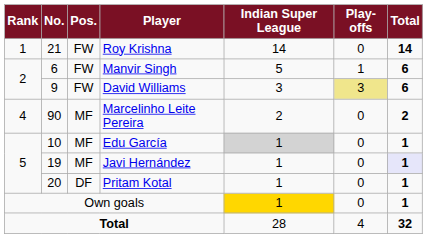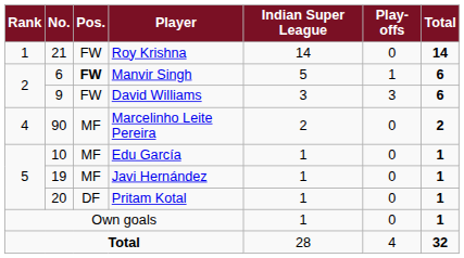 <table class="wikitable sortable" style="text-align:center;width:85%;">
 <tr>
 <th style=background-color:#7A1024;color:white>Rank</th>
 <th style=background-color:#7A1024;color:white>No.</th>
 <th style=background-color:#7A1024;color:white>Pos.</th>
 <th style=background-color:#7A1024;color:white>Player</th>
 <th style=background-color:#7A1024;color:white>Indian Super League</th>
 <th style=background-color:#7A1024;color:white>Play-offs</th>
 <th style=background-color:#7A1024;color:white>Total</th>
 </tr>
 <tr>
 <td rowspan="1">1</td>
 <td>21</td>
 <td>FW</td>
 <td align=left> <a href='#'>Roy Krishna</a></td>
 <td>14</td>
 <td>0</td>
 <td><strong>14</strong></td>
 </tr>
 <tr>
 <td rowspan="2">2</td>
 <td>6</td>
-<td>FW</td>
+<td><strong>FW</strong></td>
 <td align=left> <a href='#'>Manvir Singh</a></td>
 <td>5</td>
 <td>1</td>
 <td><strong>6</strong></td>
 </tr>
 <tr>
 <td>9</td>
 <td>FW</td>
 <td align=left> <a href='#'>David Williams</a></td>
 <td>3</td>
-<td style="background: khaki;">3</td>
+<td>3</td>
 <td><strong>6</strong></td>
 </tr>
 <tr>
 <td rowspan="1">4</td>
 <td>90</td>
 <td>MF</td>
 <td align="left"> <a href='#'>Marcelinho Leite Pereira</a></td>
 <td>2</td>
 <td>0</td>
 <td><strong>2</strong></td>
 </tr>
 <tr>
 <td rowspan="3">5</td>
 <td>10</td>
 <td>MF</td>
 <td align="left"> <a href='#'>Edu García</a></td>
-<td style="background: lightgrey;">1</td>
+<td>1</td>
 <td>0</td>
 <td><strong>1</strong></td>
 </tr>
 <tr>
 <td>19</td>
 <td>MF</td>
 <td align="left"> <a href='#'>Javi Hernández</a></td>
 <td>1</td>
 <td>0</td>
-<td style="background: lavender;"><strong>1</strong></td>
+<td><strong>1</strong></td>
 </tr>
 <tr>
 <td>20</td>
 <td>DF</td>
 <td align=left> <a href='#'>Pritam Kotal</a></td>
 <td>1</td>
 <td>0</td>
 <td><strong>1</strong></td>
 </tr>
 <tr class="sortbottom">
 <td colspan="4">Own goals</td>
-<td style="background: gold;">1</td>
+<td>1</td>
 <td>0</td>
 <td><strong>1</strong></td>
 </tr>
 <tr>
 <td colspan="4"><strong>Total</strong></td>
 <td>28</td>
 <td>4</td>
 <td><strong>32</strong></td>
 </tr>
 </table>
